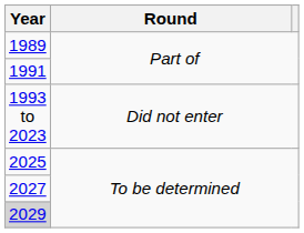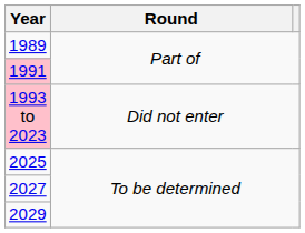 <table class="wikitable" style="text-align: center; font-size:90%">
 <tr>
 <th>Year</th>
 <th style="width:200px">Round</th>
 <th></th>
 </tr>
 <tr>
 <td><a href='#'>1989</a></td>
 <td colspan="2" rowspan="2"><em>Part of </em></td>
 </tr>
 <tr>
-<td><a href='#'>1991</a></td>
+<td style="background: pink;"><a href='#'>1991</a></td>
 </tr>
 <tr>
-<td><a href='#'>1993</a><br>to<br><a href='#'>2023</a></td>
+<td style="background: pink;"><a href='#'>1993</a><br>to<br><a href='#'>2023</a></td>
 <td colspan="2"><em>Did not enter</em></td>
 </tr>
 <tr>
 <td><a href='#'>2025</a></td>
 <td colspan="2" rowspan="3"><em>To be determined</em></td>
 </tr>
 <tr>
 <td><a href='#'>2027</a></td>
 </tr>
 <tr>
-<td style="background: lightgrey;"><a href='#'>2029</a></td>
+<td><a href='#'>2029</a></td>
 </tr>
 </table>
